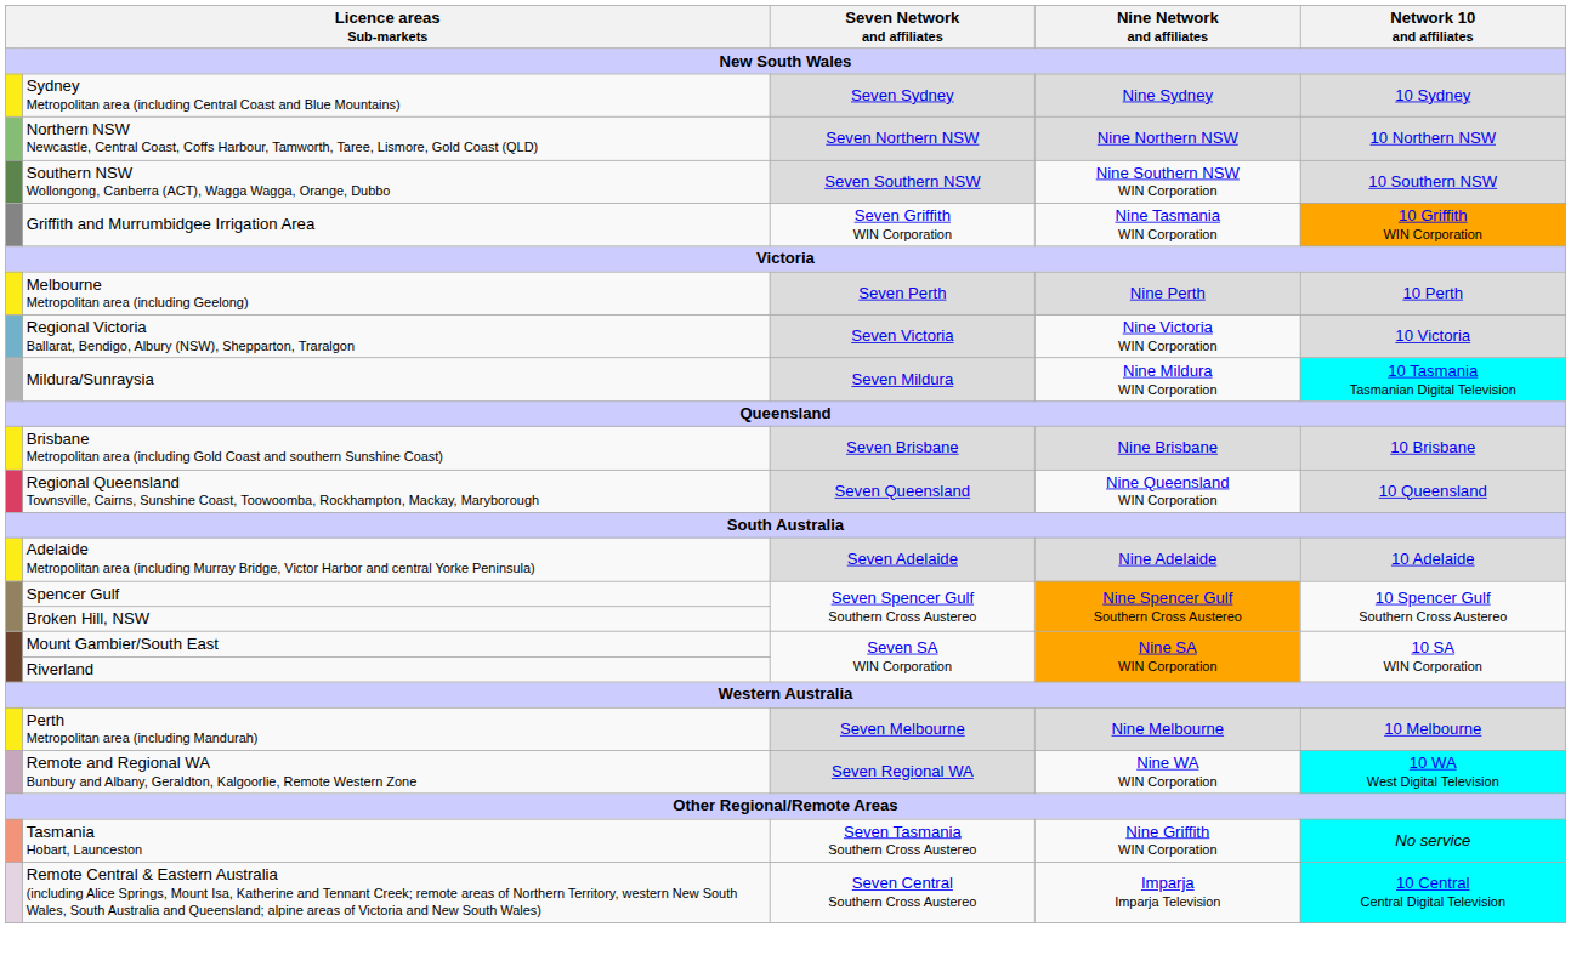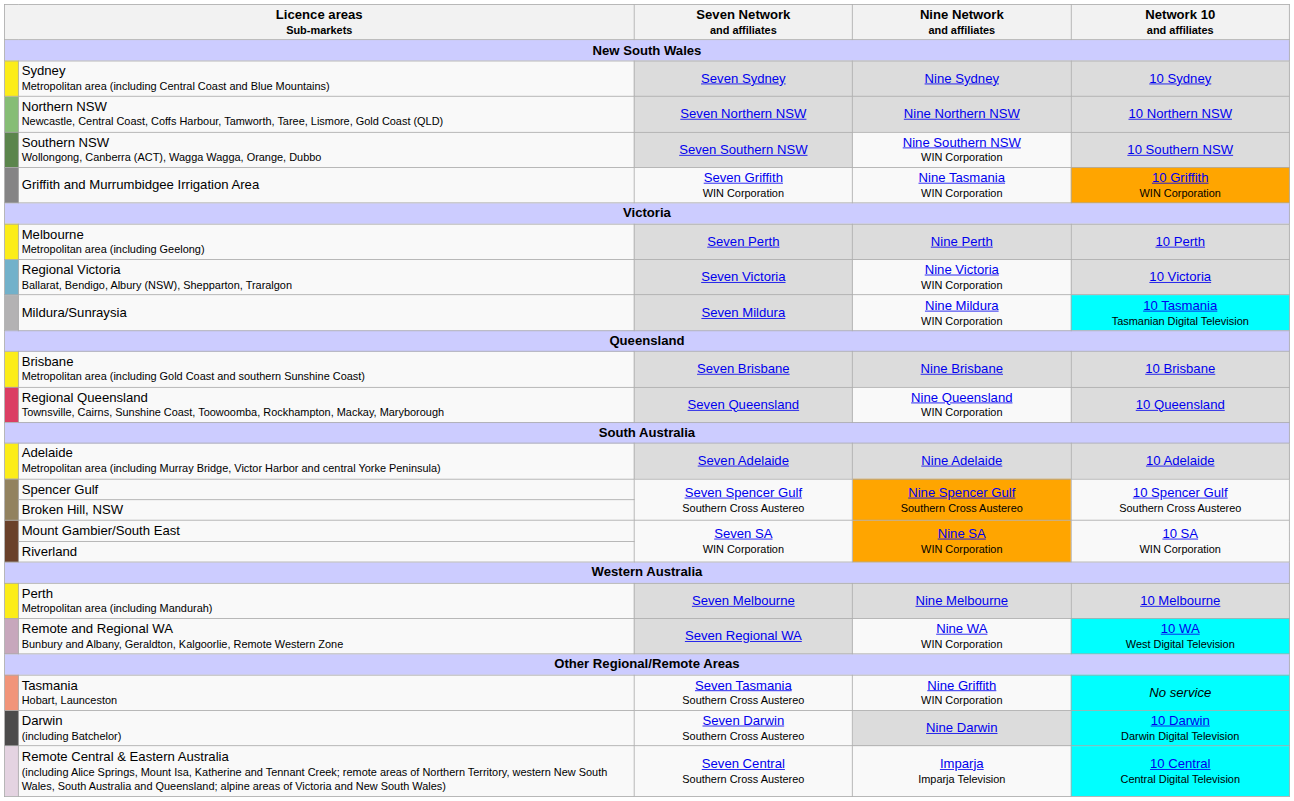 <table class="wikitable" style="width:99%;">
 <tr>
 <th colspan=2>Licence areas<br><small>Sub-markets</small></th>
 <th style="width:17%;">Seven Network<br><small>and affiliates</small></th>
 <th style="width:17%;">Nine Network<br><small>and affiliates</small></th>
 <th style="width:17%;">Network 10<br><small>and affiliates</small></th>
 </tr>
 <tr>
 <th colspan=5 style="background-color: #ccccff;">New South Wales</th>
 </tr>
 <tr>
 <th style="width:10px; background:#fced19;"></th>
 <td>Sydney<br><small>Metropolitan area (including Central Coast and Blue Mountains)</small></td>
 <td style="text-align:center; background:gainsboro;"><a href='#'>Seven Sydney</a></td>
 <td style="text-align:center; background:gainsboro;"><a href='#'>Nine Sydney</a></td>
 <td style="text-align:center; background:gainsboro;"><a href='#'>10 Sydney</a></td>
 </tr>
 <tr>
 <td style="background:#86BD75;"></td>
 <td>Northern NSW<br><small>Newcastle, Central Coast, Coffs Harbour, Tamworth, Taree, Lismore, Gold Coast (QLD)</small></td>
 <td style="text-align:center; background:gainsboro;"><a href='#'>Seven Northern NSW</a></td>
 <td style="text-align:center; background:gainsboro;"><a href='#'>Nine Northern NSW</a></td>
 <td style="text-align:center; background:gainsboro;"><a href='#'>10 Northern NSW</a></td>
 </tr>
 <tr>
 <td style="background:#5B854C;"></td>
 <td>Southern NSW<br><small>Wollongong, Canberra (ACT), Wagga Wagga, Orange, Dubbo</small></td>
 <td style="text-align:center; background:gainsboro;"><a href='#'>Seven Southern NSW</a></td>
 <td style="text-align:center;"><a href='#'>Nine Southern NSW</a><br><small>WIN Corporation</small></td>
 <td style="text-align:center; background:gainsboro;"><a href='#'>10 Southern NSW</a></td>
 </tr>
 <tr>
 <td style="background:#858485;"></td>
 <td>Griffith and Murrumbidgee Irrigation Area</td>
 <td style="text-align:center;"><a href='#'>Seven Griffith</a><br><small>WIN Corporation</small></td>
 <td style="text-align:center;"><a href='#'>Nine Tasmania</a><br><small>WIN Corporation</small></td>
 <td style="text-align:center; background:orange;"><a href='#'>10 Griffith</a><br><small>WIN Corporation</small></td>
 </tr>
 <tr>
 <th colspan=5 style="background-color: #ccccff;">Victoria</th>
 </tr>
 <tr>
 <td style="background:#FCED19;"></td>
 <td>Melbourne<br><small>Metropolitan area (including Geelong)</small></td>
 <td style="text-align:center; background:gainsboro;"><a href='#'>Seven Perth</a></td>
 <td style="text-align:center; background:gainsboro;"><a href='#'>Nine Perth</a></td>
 <td style="text-align:center; background:gainsboro;"><a href='#'>10 Perth</a></td>
 </tr>
 <tr>
 <td style="background:#72B1CA;"></td>
 <td>Regional Victoria<br><small>Ballarat, Bendigo, Albury (NSW), Shepparton, Traralgon</small></td>
 <td style="text-align:center; background:gainsboro;"><a href='#'>Seven Victoria</a></td>
 <td style="text-align:center;"><a href='#'>Nine Victoria</a><br><small>WIN Corporation</small></td>
 <td style="text-align:center; background:gainsboro;"><a href='#'>10 Victoria</a></td>
 </tr>
 <tr>
 <td style="background:#B3B2B3;"></td>
 <td>Mildura/Sunraysia</td>
 <td style="text-align:center; background:gainsboro;"><a href='#'>Seven Mildura</a></td>
 <td style="text-align:center;"><a href='#'>Nine Mildura</a><br><small>WIN Corporation</small></td>
 <td style="text-align:center; background:cyan;"><a href='#'>10 Tasmania</a><br><small>Tasmanian Digital Television</small></td>
 </tr>
 <tr>
 <th colspan=5 style="background-color: #ccccff;">Queensland</th>
 </tr>
 <tr>
 <td style="background:#FCED19;"></td>
 <td>Brisbane<br><small>Metropolitan area (including Gold Coast and southern Sunshine Coast)</small></td>
 <td style="text-align:center; background:gainsboro;"><a href='#'>Seven Brisbane</a></td>
 <td style="text-align:center; background:gainsboro;"><a href='#'>Nine Brisbane</a></td>
 <td style="text-align:center; background:gainsboro;"><a href='#'>10 Brisbane</a></td>
 </tr>
 <tr>
 <td style="background:#DB3E63;"></td>
 <td>Regional Queensland<br><small>Townsville, Cairns, Sunshine Coast, Toowoomba, Rockhampton, Mackay, Maryborough</small></td>
 <td style="text-align:center; background:gainsboro;"><a href='#'>Seven Queensland</a></td>
 <td style="text-align:center;"><a href='#'>Nine Queensland</a><br><small>WIN Corporation</small></td>
 <td style="text-align:center; background:gainsboro;"><a href='#'>10 Queensland</a></td>
 </tr>
 <tr>
 <th colspan=5 style="background-color: #ccccff;">South Australia</th>
 </tr>
 <tr>
 <td style="background:#FCED19;"></td>
 <td>Adelaide<br><small>Metropolitan area (including Murray Bridge, Victor Harbor and central Yorke Peninsula)</small></td>
 <td style="text-align:center; background:gainsboro;"><a href='#'>Seven Adelaide</a></td>
 <td style="text-align:center; background:gainsboro;"><a href='#'>Nine Adelaide</a></td>
 <td style="text-align:center; background:gainsboro;"><a href='#'>10 Adelaide</a></td>
 </tr>
 <tr>
 <td rowspan="2" style="background:#92825F;"></td>
 <td>Spencer Gulf</td>
 <td rowspan="2" style="text-align:center;"><a href='#'>Seven Spencer Gulf</a><br><small>Southern Cross Austereo</small></td>
 <td rowspan="2" style="text-align:center; background:orange;"><a href='#'>Nine Spencer Gulf</a><br><small>Southern Cross Austereo</small></td>
 <td rowspan="2" style="text-align:center;"><a href='#'>10 Spencer Gulf</a><br><small>Southern Cross Austereo</small></td>
 </tr>
 <tr>
 <td>Broken Hill, NSW<br>  </td>
 </tr>
 <tr>
 <td rowspan="2" style="background:#6A412A;"></td>
 <td>Mount Gambier/South East</td>
 <td rowspan="2" style="text-align:center;"><a href='#'>Seven SA</a><br><small>WIN Corporation</small></td>
 <td rowspan="2" style="text-align:center; background:orange;"><a href='#'>Nine SA</a><br><small>WIN Corporation</small></td>
 <td rowspan="2" style="text-align:center;"><a href='#'>10 SA</a><br><small>WIN Corporation</small></td>
 </tr>
 <tr>
 <td>Riverland<br>  </td>
 </tr>
 <tr>
 <th colspan=5 style="background-color: #ccccff;">Western Australia</th>
 </tr>
 <tr>
 <td style="background:#FCED19;"></td>
 <td>Perth<br><small>Metropolitan area (including Mandurah)</small></td>
 <td style="text-align:center; background:gainsboro;"><a href='#'>Seven Melbourne</a></td>
 <td style="text-align:center; background:gainsboro;"><a href='#'>Nine Melbourne</a></td>
 <td style="text-align:center; background:gainsboro;"><a href='#'>10 Melbourne</a></td>
 </tr>
 <tr>
 <td style="background:#C7A7BC;"></td>
 <td>Remote and Regional WA<br><small>Bunbury and Albany, Geraldton, Kalgoorlie, Remote Western Zone</small></td>
 <td style="text-align:center; background:gainsboro;"><a href='#'>Seven Regional WA</a></td>
 <td style="text-align:center;"><a href='#'>Nine WA</a><br><small>WIN Corporation</small></td>
 <td style="text-align:center; background:cyan;"><a href='#'>10 WA</a><br><small>West Digital Television</small></td>
 </tr>
 <tr>
 <th colspan=5 style="background-color: #ccccff;">Other Regional/Remote Areas</th>
 </tr>
 <tr>
 <td style="background:#F19479;"></td>
 <td>Tasmania<br><small>Hobart, Launceston</small></td>
 <td style="text-align:center;"><a href='#'>Seven Tasmania</a><br><small>Southern Cross Austereo</small></td>
 <td style="text-align:center;"><a href='#'>Nine Griffith</a><br><small>WIN Corporation</small></td>
 <td style="text-align:center; background:cyan;"><em>No service</em></td>
 </tr>
 <tr>
+<td style="background:#4C4B4B;"></td>
+<td>Darwin<br><small>(including Batchelor)</small></td>
+<td style="text-align:center;"><a href='#'>Seven Darwin</a><br><small>Southern Cross Austereo</small></td>
+<td style="text-align:center; background:gainsboro;"><a href='#'>Nine Darwin</a></td>
+<td style="text-align:center; background:cyan;"><a href='#'>10 Darwin</a><br><small>Darwin Digital Television</small></td>
+</tr>
+<tr>
 <td style="background:#E4D3E1;"></td>
 <td>Remote Central & Eastern Australia<br><small>(including Alice Springs, Mount Isa, Katherine and Tennant Creek; remote areas of Northern Territory, western New South Wales, South Australia and Queensland; alpine areas of Victoria and New South Wales)</small></td>
 <td style="text-align:center;"><a href='#'>Seven Central</a><br><small>Southern Cross Austereo</small></td>
 <td style="text-align:center;"><a href='#'>Imparja</a><br><small>Imparja Television</small></td>
 <td style="text-align:center; background:cyan;"><a href='#'>10 Central</a><br><small>Central Digital Television</small></td>
 </tr>
 </table>
